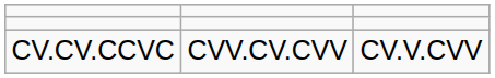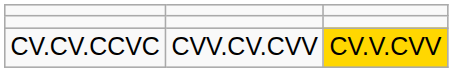 <table class="wikitable">
 <tr>
 <td></td>
 <td></td>
 <td></td>
 </tr>
 <tr>
 <td></td>
 <td></td>
 <td></td>
 </tr>
 <tr>
 <td>CV.CV.CCVC</td>
 <td>CVV.CV.CVV</td>
-<td>CV.V.CVV</td>
+<td style="background: gold;">CV.V.CVV</td>
 </tr>
 </table>
